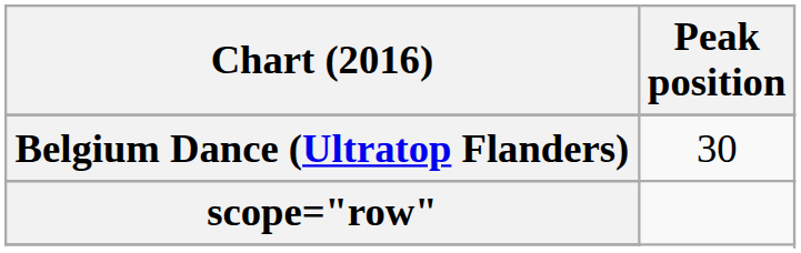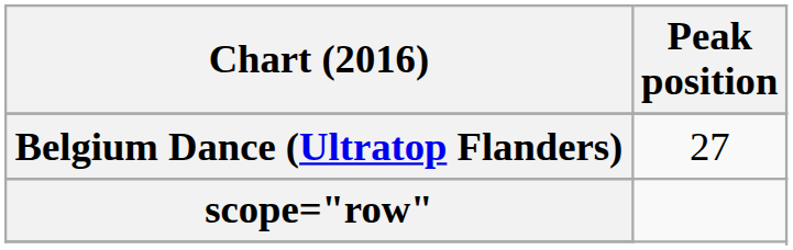 <table class="wikitable plainrowheaders sortable" style="text-align:center;">
 <tr>
 <th scope="col">Chart (2016)</th>
 <th scope="col">Peak<br>position</th>
 </tr>
 <tr>
 </tr>
 <tr>
 <th scope="row">Belgium Dance (<a href='#'>Ultratop</a> Flanders)</th>
-<td>30</td>
+<td>27</td>
 </tr>
 <tr>
 </tr>
 <tr>
 </tr>
 <tr>
 </tr>
 <tr>
 </tr>
 <tr>
 </tr>
 <tr>
 </tr>
 <tr>
 <th>scope="row"</th>
 </tr>
 <tr>
 </tr>
 </table>
